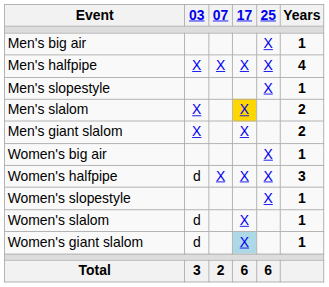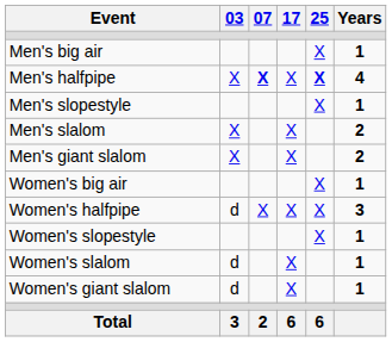 <table class="wikitable" style="text-align:center">
 <tr>
 <th width=200>Event</th>
 <th width=20><a href='#'>03</a></th>
 <th width=20><a href='#'>07</a></th>
 <th width=20><a href='#'>17</a></th>
 <th width=20><a href='#'>25</a></th>
 <th width=40>Years</th>
 </tr>
 <tr bgcolor=#DDDDDD>
 <td colspan=6></td>
 </tr>
 <tr>
 <td align=left>Men's big air</td>
 <td></td>
 <td></td>
 <td></td>
 <td><a href='#'>X</a></td>
 <td><strong>1</strong></td>
 </tr>
 <tr>
 <td align=left>Men's halfpipe</td>
 <td><a href='#'>X</a></td>
+<td><strong><a href='#'>X</a></strong></td>
 <td><a href='#'>X</a></td>
-<td><a href='#'>X</a></td>
-<td><a href='#'>X</a></td>
+<td><strong><a href='#'>X</a></strong></td>
 <td><strong>4</strong></td>
 </tr>
 <tr>
 <td align=left>Men's slopestyle</td>
 <td></td>
 <td></td>
 <td></td>
 <td><a href='#'>X</a></td>
 <td><strong>1</strong></td>
 </tr>
 <tr>
 <td align=left>Men's slalom</td>
 <td><a href='#'>X</a></td>
 <td></td>
-<td style="background: gold;"><a href='#'>X</a></td>
+<td><a href='#'>X</a></td>
 <td></td>
 <td><strong>2</strong></td>
 </tr>
 <tr>
 <td align=left>Men's giant slalom</td>
 <td><a href='#'>X</a></td>
 <td></td>
 <td><a href='#'>X</a></td>
 <td></td>
 <td><strong>2</strong></td>
 </tr>
 <tr>
 <td align=left>Women's big air</td>
 <td></td>
 <td></td>
 <td></td>
 <td><a href='#'>X</a></td>
 <td><strong>1</strong></td>
 </tr>
 <tr>
 <td align=left>Women's halfpipe</td>
 <td>d</td>
 <td><a href='#'>X</a></td>
 <td><a href='#'>X</a></td>
 <td><a href='#'>X</a></td>
 <td><strong>3</strong></td>
 </tr>
 <tr>
 <td align=left>Women's slopestyle</td>
 <td></td>
 <td></td>
 <td></td>
 <td><a href='#'>X</a></td>
 <td><strong>1</strong></td>
 </tr>
 <tr>
 <td align=left>Women's slalom</td>
 <td>d</td>
 <td></td>
 <td><a href='#'>X</a></td>
 <td></td>
 <td><strong>1</strong></td>
 </tr>
 <tr>
 <td align=left>Women's giant slalom</td>
 <td>d</td>
 <td></td>
-<td style="background: lightblue;"><a href='#'>X</a></td>
+<td><a href='#'>X</a></td>
 <td></td>
 <td><strong>1</strong></td>
 </tr>
 <tr bgcolor=#DDDDDD>
 <td colspan=6></td>
 </tr>
 <tr>
 <th>Total</th>
 <th>3</th>
 <th>2</th>
 <th>6</th>
 <th>6</th>
 <th></th>
 </tr>
 </table>
